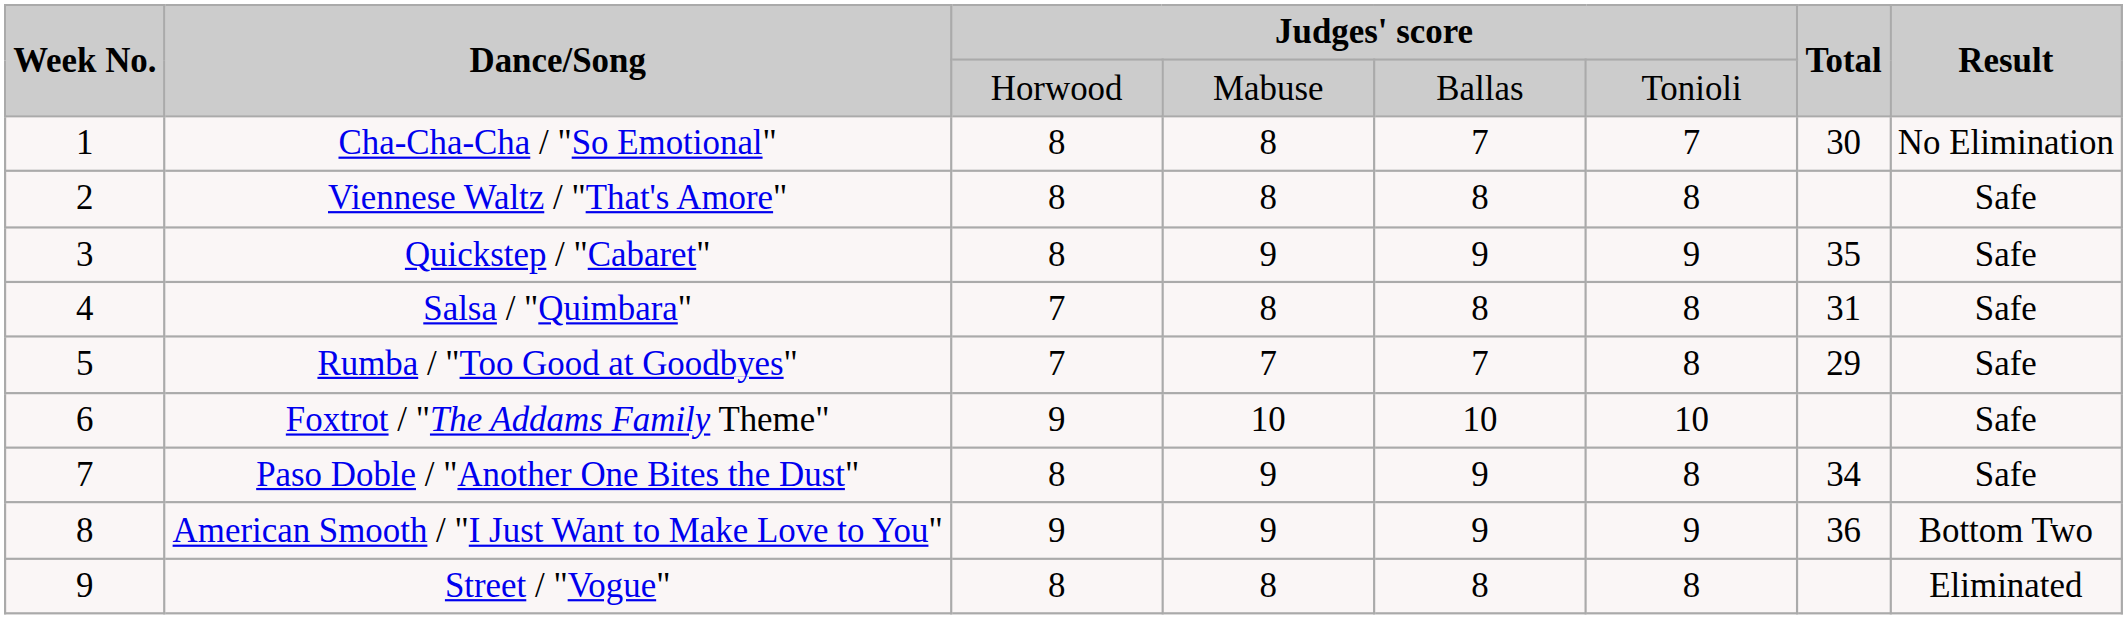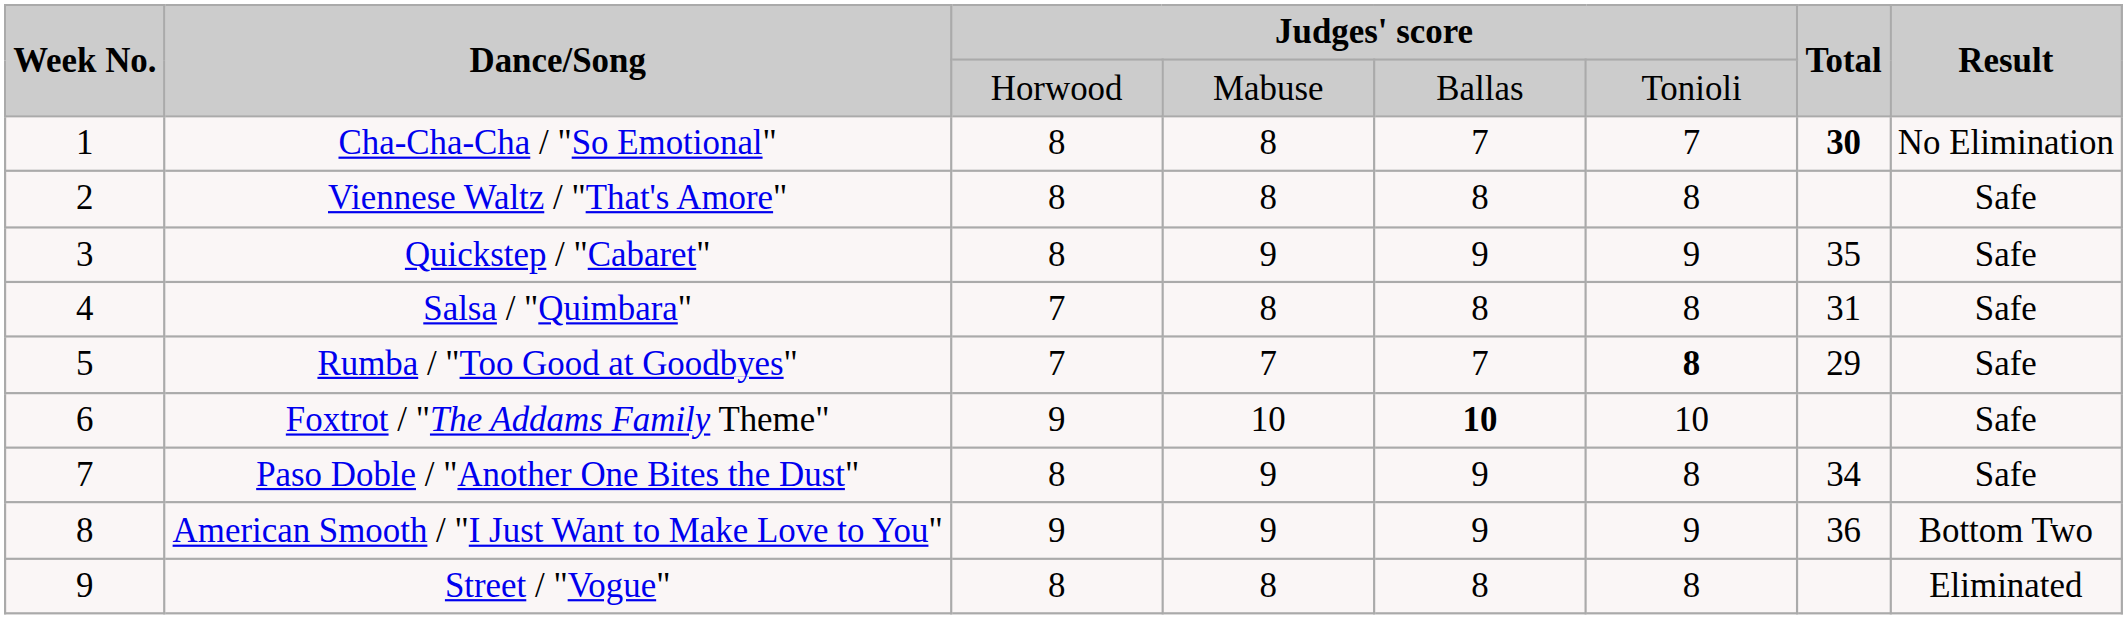 <table class="wikitable collapsible collapsed">
 <tr>
 <th rowspan="2" style="background:#ccc; text-align:Center;">Week No.</th>
 <th rowspan="2" style="background:#ccc; text-align:Center;">Dance/Song</th>
 <th colspan="4" style="background:#ccc; text-align:Center;">Judges' score</th>
 <th rowspan="2" style="background:#ccc; text-align:Center;">Total</th>
 <th rowspan="2" style="background:#ccc; text-align:Center;">Result</th>
 </tr>
 <tr style="text-align:center; background:#ccc;">
 <td style="width:10%; ">Horwood</td>
 <td style="width:10%; ">Mabuse</td>
 <td style="width:10%; ">Ballas</td>
 <td style="width:10%; ">Tonioli</td>
 </tr>
 <tr style="text-align:center; background:#faf6f6">
 <td>1</td>
 <td style="text-align:center; background:#faf6f6;"><a href='#'>Cha-Cha-Cha</a> / "<a href='#'>So Emotional</a>"</td>
 <td style="text-align:center; background:#faf6f6;">8</td>
 <td style="text-align:center; background:#faf6f6;">8</td>
 <td style="text-align:center; background:#faf6f6;">7</td>
 <td style="text-align:center; background:#faf6f6;">7</td>
-<td style="text-align:center; background:#faf6f6;">30</td>
+<td style="text-align:center; background:#faf6f6;"><strong>30</strong></td>
 <td style="text-align:center; background:#faf6f6;">No Elimination</td>
 </tr>
 <tr>
 <td style="text-align:center; background:#faf6f6;">2</td>
 <td style="text-align:center; background:#faf6f6;"><a href='#'>Viennese Waltz</a> / "<a href='#'>That's Amore</a>"</td>
 <td style="text-align:center; background:#faf6f6;">8</td>
 <td style="text-align:center; background:#faf6f6;">8</td>
 <td style="text-align:center; background:#faf6f6;">8</td>
 <td style="text-align:center; background:#faf6f6;">8</td>
 <td style="text-align:center; background:#faf6f6;"></td>
 <td style="text-align:center; background:#faf6f6;">Safe</td>
 </tr>
 <tr>
 <td style="text-align:center; background:#faf6f6;">3</td>
 <td style="text-align:center; background:#faf6f6;"><a href='#'>Quickstep</a> / "<a href='#'>Cabaret</a>"</td>
 <td style="text-align:center; background:#faf6f6;">8</td>
 <td style="text-align:center; background:#faf6f6;">9</td>
 <td style="text-align:center; background:#faf6f6;">9</td>
 <td style="text-align:center; background:#faf6f6;">9</td>
 <td style="text-align:center; background:#faf6f6;">35</td>
 <td style="text-align:center; background:#faf6f6;">Safe</td>
 </tr>
 <tr>
 <td style="text-align:center; background:#faf6f6;">4</td>
 <td style="text-align:center; background:#faf6f6;"><a href='#'>Salsa</a> / "<a href='#'>Quimbara</a>"</td>
 <td style="text-align:center; background:#faf6f6;">7</td>
 <td style="text-align:center; background:#faf6f6;">8</td>
 <td style="text-align:center; background:#faf6f6;">8</td>
 <td style="text-align:center; background:#faf6f6;">8</td>
 <td style="text-align:center; background:#faf6f6;">31</td>
 <td style="text-align:center; background:#faf6f6;">Safe</td>
 </tr>
 <tr>
 <td style="text-align:center; background:#faf6f6;">5</td>
 <td style="text-align:center; background:#faf6f6;"><a href='#'>Rumba</a> / "<a href='#'>Too Good at Goodbyes</a>"</td>
 <td style="text-align:center; background:#faf6f6;">7</td>
 <td style="text-align:center; background:#faf6f6;">7</td>
 <td style="text-align:center; background:#faf6f6;">7</td>
-<td style="text-align:center; background:#faf6f6;">8</td>
+<td style="text-align:center; background:#faf6f6;"><strong>8</strong></td>
 <td style="text-align:center; background:#faf6f6;">29</td>
 <td style="text-align:center; background:#faf6f6;">Safe</td>
 </tr>
 <tr>
 <td style="text-align:center; background:#faf6f6;">6</td>
 <td style="text-align:center; background:#faf6f6;"><a href='#'>Foxtrot</a> / "<em><a href='#'>The Addams Family</a></em> Theme"</td>
 <td style="text-align:center; background:#faf6f6;">9</td>
 <td style="text-align:center; background:#faf6f6;">10</td>
-<td style="text-align:center; background:#faf6f6;">10</td>
+<td style="text-align:center; background:#faf6f6;"><strong>10</strong></td>
 <td style="text-align:center; background:#faf6f6;">10</td>
 <td style="text-align:center; background:#faf6f6;"></td>
 <td style="text-align:center; background:#faf6f6;">Safe</td>
 </tr>
 <tr>
 <td style="text-align:center; background:#faf6f6;">7</td>
 <td style="text-align:center; background:#faf6f6;"><a href='#'>Paso Doble</a> / "<a href='#'>Another One Bites the Dust</a>"</td>
 <td style="text-align:center; background:#faf6f6;">8</td>
 <td style="text-align:center; background:#faf6f6;">9</td>
 <td style="text-align:center; background:#faf6f6;">9</td>
 <td style="text-align:center; background:#faf6f6;">8</td>
 <td style="text-align:center; background:#faf6f6;">34</td>
 <td style="text-align:center; background:#faf6f6;">Safe</td>
 </tr>
 <tr>
 <td style="text-align:center; background:#faf6f6;">8</td>
 <td style="text-align:center; background:#faf6f6;"><a href='#'>American Smooth</a> / "<a href='#'>I Just Want to Make Love to You</a>"</td>
 <td style="text-align:center; background:#faf6f6;">9</td>
 <td style="text-align:center; background:#faf6f6;">9</td>
 <td style="text-align:center; background:#faf6f6;">9</td>
 <td style="text-align:center; background:#faf6f6;">9</td>
 <td style="text-align:center; background:#faf6f6;">36</td>
 <td style="text-align:center; background:#faf6f6;">Bottom Two</td>
 </tr>
 <tr>
 <td style="text-align:center; background:#faf6f6;">9</td>
 <td style="text-align:center; background:#faf6f6;"><a href='#'>Street</a> / "<a href='#'>Vogue</a>"</td>
 <td style="text-align:center; background:#faf6f6;">8</td>
 <td style="text-align:center; background:#faf6f6;">8</td>
 <td style="text-align:center; background:#faf6f6;">8</td>
 <td style="text-align:center; background:#faf6f6;">8</td>
 <td style="text-align:center; background:#faf6f6;"></td>
 <td style="text-align:center; background:#faf6f6;">Eliminated</td>
 </tr>
 </table>
